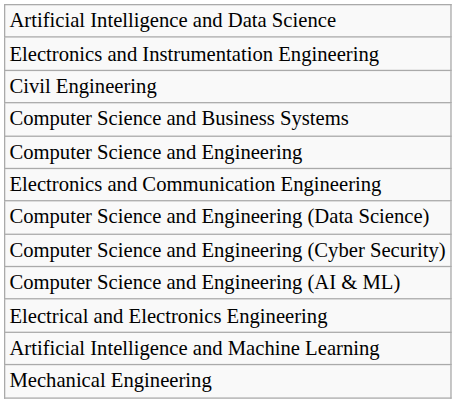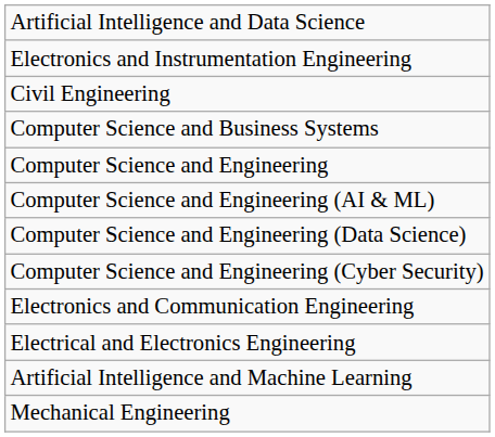 <table class="wikitable">
 <tr>
 <td>Artificial Intelligence and Data Science</td>
 </tr>
 <tr>
 <td>Electronics and Instrumentation Engineering</td>
 </tr>
 <tr>
 <td>Civil Engineering</td>
 </tr>
 <tr>
 <td>Computer Science and Business Systems</td>
 </tr>
 <tr>
 <td>Computer Science and Engineering</td>
 </tr>
 <tr>
-<td>Electronics and Communication Engineering</td>
+<td>Computer Science and Engineering (AI & ML)</td>
 </tr>
 <tr>
 <td>Computer Science and Engineering (Data Science)</td>
 </tr>
 <tr>
 <td>Computer Science and Engineering (Cyber Security)</td>
 </tr>
 <tr>
-<td>Computer Science and Engineering (AI & ML)</td>
+<td>Electronics and Communication Engineering</td>
 </tr>
 <tr>
 <td>Electrical and Electronics Engineering</td>
 </tr>
 <tr>
 <td>Artificial Intelligence and Machine Learning</td>
 </tr>
 <tr>
 <td>Mechanical Engineering</td>
 </tr>
 </table>
